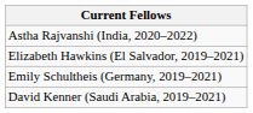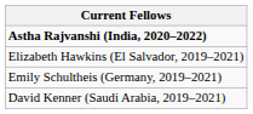 <table class="wikitable">
 <tr>
 <th>Current Fellows </th>
 </tr>
 <tr>
-<td>Astha Rajvanshi (India, 2020–2022)</td>
+<td><strong>Astha Rajvanshi (India, 2020–2022)</strong></td>
 </tr>
 <tr>
 <td>Elizabeth Hawkins (El Salvador, 2019–2021)</td>
 </tr>
 <tr>
 <td>Emily Schultheis (Germany, 2019–2021)</td>
 </tr>
 <tr>
 <td>David Kenner (Saudi Arabia, 2019–2021)</td>
 </tr>
 </table>
